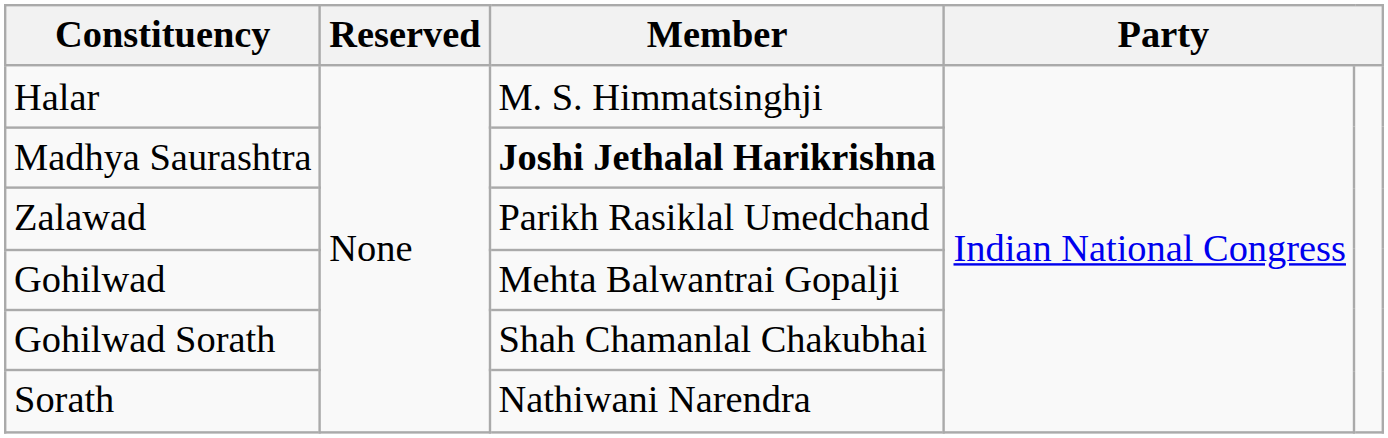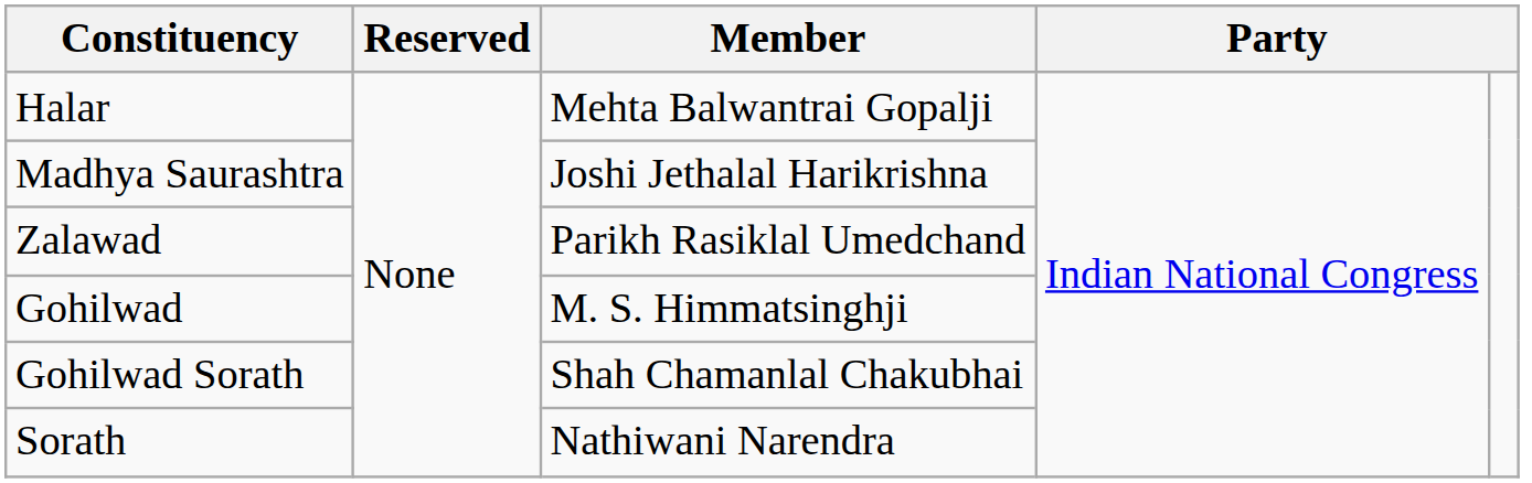 <table class="wikitable sortable">
 <tr>
 <th>Constituency</th>
 <th>Reserved</th>
 <th>Member</th>
 <th colspan=2>Party</th>
 </tr>
 <tr>
 <td>Halar</td>
 <td rowspan=6>None</td>
-<td>M. S. Himmatsinghji</td>
+<td>Mehta Balwantrai Gopalji</td>
 <td rowspan=6><a href='#'>Indian National Congress</a></td>
 <td rowspan=6 width="4px" style="background-color: "></td>
 </tr>
 <tr>
 <td>Madhya Saurashtra</td>
-<td><strong>Joshi Jethalal Harikrishna</strong></td>
+<td>Joshi Jethalal Harikrishna</td>
 </tr>
 <tr>
 <td>Zalawad</td>
 <td>Parikh Rasiklal Umedchand</td>
 </tr>
 <tr>
 <td>Gohilwad</td>
-<td>Mehta Balwantrai Gopalji</td>
+<td>M. S. Himmatsinghji</td>
 </tr>
 <tr>
 <td>Gohilwad Sorath</td>
 <td>Shah Chamanlal Chakubhai</td>
 </tr>
 <tr>
 <td>Sorath</td>
 <td>Nathiwani Narendra</td>
 </tr>
 </table>
